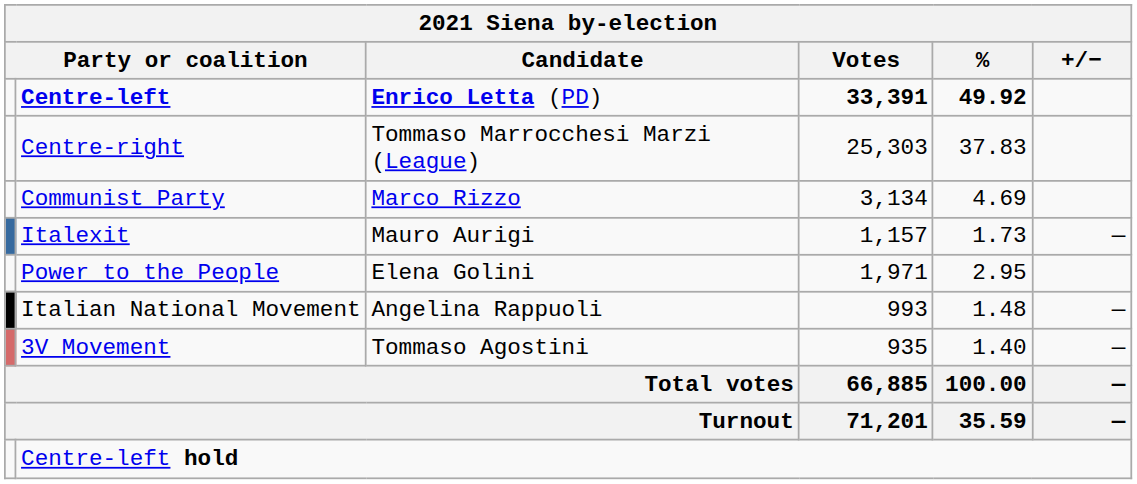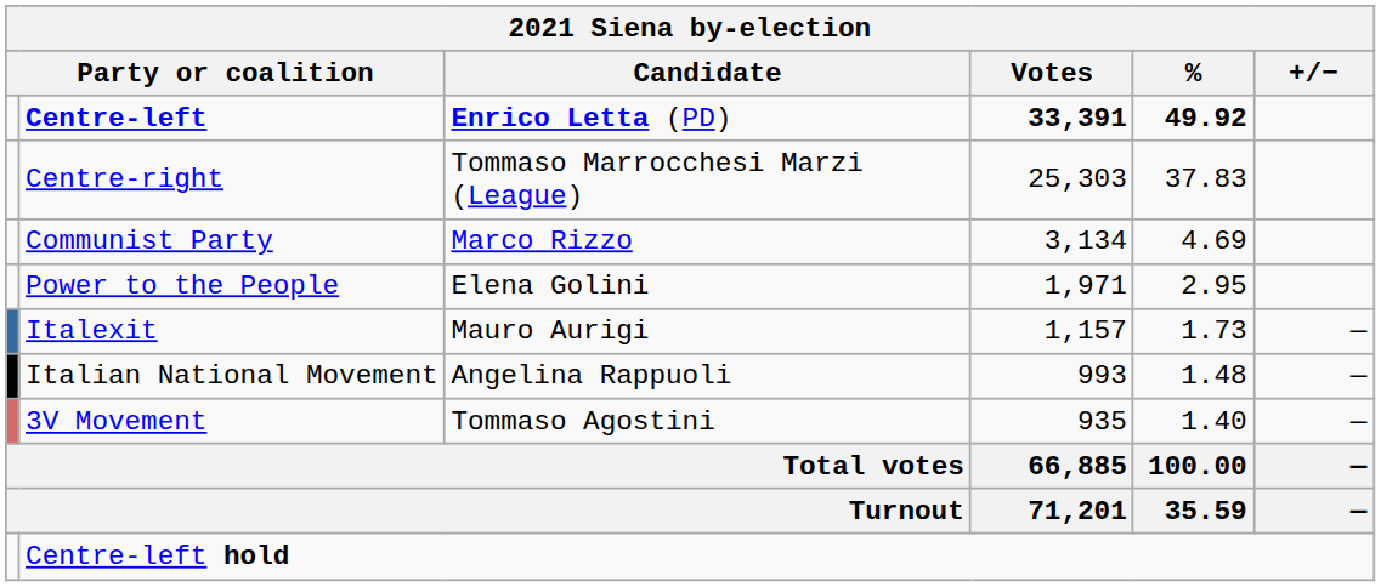 <table class = "wikitable" style="font-size:99%;">
 <tr>
 <td colspan=6 style = "background-color:#F2F2F2; text-align:center;"><strong>2021 Siena by-election</strong></td>
 </tr>
 <tr>
 <th style = "width: 160px;" colspan=2>Party or coalition</th>
 <th style = "width: 240px;">Candidate</th>
 <th style = "width: 70px;">Votes</th>
 <th style = "width: 50px;">%</th>
 <th style = "width: 50px;">+/−</th>
 </tr>
 <tr>
 <td style="background-color:"></td>
 <td><strong><a href='#'>Centre-left</a></strong></td>
 <td><strong><a href='#'>Enrico Letta</a></strong> (<a href='#'>PD</a>)</td>
 <td style = "text-align:right;"><strong>33,391</strong></td>
 <td style = "text-align:right;"><strong>49.92</strong></td>
 <td style = "text-align:right;"></td>
 </tr>
 <tr>
 <td style="background-color:"></td>
 <td><a href='#'>Centre-right</a></td>
 <td>Tommaso Marrocchesi Marzi (<a href='#'>League</a>)</td>
 <td style="text-align:right;">25,303</td>
 <td style="text-align:right;">37.83</td>
 <td style="text-align:right;"></td>
 </tr>
 <tr>
 <td style="background-color:"></td>
 <td><a href='#'>Communist Party</a></td>
 <td><a href='#'>Marco Rizzo</a></td>
 <td style="text-align:right;">3,134</td>
 <td style="text-align:right;">4.69</td>
 <td style="text-align:right;"></td>
 </tr>
 <tr>
+<td style="background-color:"></td>
+<td><a href='#'>Power to the People</a></td>
+<td>Elena Golini</td>
+<td style = "text-align:right;">1,971</td>
+<td style = "text-align:right;">2.95</td>
+<td style = "text-align:right;"></td>
+</tr>
+<tr>
 <td bgcolor="#366A9F"></td>
 <td><a href='#'>Italexit</a></td>
 <td>Mauro Aurigi</td>
 <td style = "text-align:right;">1,157</td>
 <td style = "text-align:right;">1.73</td>
 <td style = "text-align:right;">—</td>
-</tr>
-<tr>
-<td style="background-color:"></td>
-<td><a href='#'>Power to the People</a></td>
-<td>Elena Golini</td>
-<td style = "text-align:right;">1,971</td>
-<td style = "text-align:right;">2.95</td>
-<td style = "text-align:right;"></td>
 </tr>
 <tr>
 <td bgcolor="#000000"></td>
 <td>Italian National Movement</td>
 <td>Angelina Rappuoli</td>
 <td style = "text-align:right;">993</td>
 <td style = "text-align:right;">1.48</td>
 <td style = "text-align:right;">—</td>
 </tr>
 <tr>
 <td bgcolor="#D56A6A"></td>
 <td><a href='#'>3V Movement</a></td>
 <td>Tommaso Agostini</td>
 <td style = "text-align:right;">935</td>
 <td style = "text-align:right;">1.40</td>
 <td style = "text-align:right;">—</td>
 </tr>
 <tr>
 <td colspan=3 style = "background-color:#F2F2F2; text-align:right;"><strong>Total votes</strong></td>
 <td style = "background-color:#F2F2F2; text-align:right;"><strong>66,885</strong></td>
 <td style = "background-color:#F2F2F2; text-align:right;"><strong>100.00</strong></td>
 <td style = "background-color:#F2F2F2; text-align:right;"><strong>—</strong></td>
 </tr>
 <tr>
 <td colspan=3 style = "background-color:#F2F2F2; text-align:right;"><strong>Turnout</strong></td>
 <td style = "background-color:#F2F2F2; text-align:right;"><strong>71,201</strong></td>
 <td style = "background-color:#F2F2F2; text-align:right;"><strong>35.59</strong></td>
 <td style = "background-color:#F2F2F2; text-align:right;"><strong>—</strong></td>
 </tr>
 <tr>
 <td style="background-color:"></td>
 <td colspan=5 style = "text-align:left;"><a href='#'>Centre-left</a> <strong>hold</strong></td>
 </tr>
 </table>
